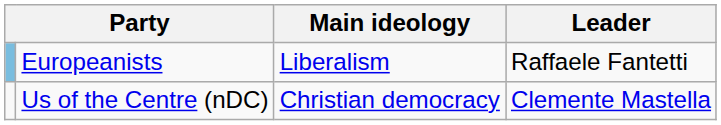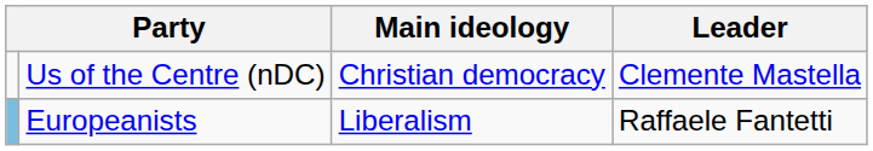 <table class=wikitable style=text-align:left>
 <tr>
 <th colspan=2>Party</th>
 <th>Main ideology</th>
 <th>Leader</th>
 </tr>
 <tr>
+<td></td>
+<td><a href='#'>Us of the Centre</a> (nDC)</td>
+<td><a href='#'>Christian democracy</a></td>
+<td><a href='#'>Clemente Mastella</a></td>
+</tr>
+<tr>
 <td bgcolor="#79BDDF"></td>
 <td><a href='#'>Europeanists</a></td>
 <td><a href='#'>Liberalism</a></td>
 <td>Raffaele Fantetti</td>
 </tr>
-<tr>
-<td></td>
-<td><a href='#'>Us of the Centre</a> (nDC)</td>
-<td><a href='#'>Christian democracy</a></td>
-<td><a href='#'>Clemente Mastella</a></td>
-</tr>
 </table>
